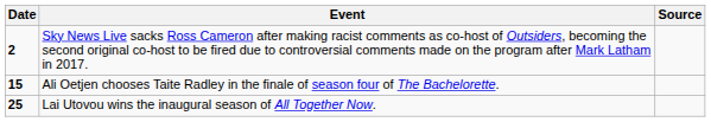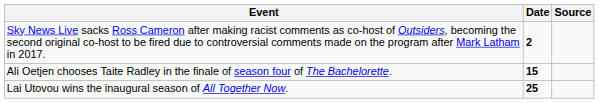 <table class="wikitable">
 <tr>
+<th>Event</th>
 <th>Date</th>
-<th>Event</th>
 <th>Source</th>
 </tr>
 <tr>
+<td><a href='#'>Sky News Live</a> sacks <a href='#'>Ross Cameron</a> after making racist comments as co-host of <em><a href='#'>Outsiders</a></em>, becoming the second original co-host to be fired due to controversial comments made on the program after <a href='#'>Mark Latham</a> in 2017.</td>
 <td><strong>2</strong></td>
-<td><a href='#'>Sky News Live</a> sacks <a href='#'>Ross Cameron</a> after making racist comments as co-host of <em><a href='#'>Outsiders</a></em>, becoming the second original co-host to be fired due to controversial comments made on the program after <a href='#'>Mark Latham</a> in 2017.</td>
 <td></td>
 </tr>
 <tr>
+<td>Ali Oetjen chooses Taite Radley in the finale of <a href='#'>season four</a> of <em><a href='#'>The Bachelorette</a></em>.</td>
 <td><strong>15</strong></td>
-<td>Ali Oetjen chooses Taite Radley in the finale of <a href='#'>season four</a> of <em><a href='#'>The Bachelorette</a></em>.</td>
 <td></td>
 </tr>
 <tr>
+<td>Lai Utovou wins the inaugural season of <em><a href='#'>All Together Now</a></em>.</td>
 <td><strong>25</strong></td>
-<td>Lai Utovou wins the inaugural season of <em><a href='#'>All Together Now</a></em>.</td>
 <td></td>
 </tr>
 </table>
